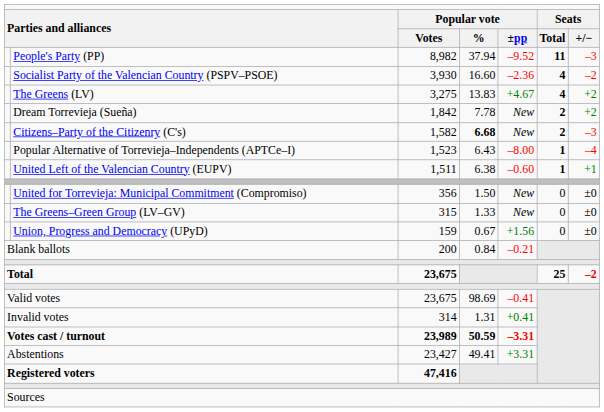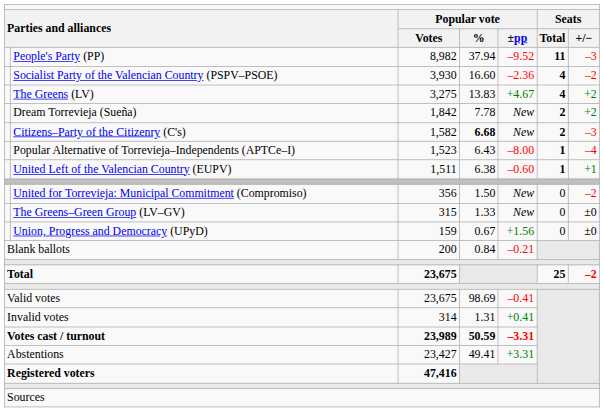 <table class="wikitable" style="text-align:right;">
 <tr>
 <td colspan="7"></td>
 </tr>
 <tr>
 <th style="text-align:left;" rowspan="2" colspan="2" width="525">Parties and alliances</th>
 <th colspan="3">Popular vote</th>
 <th colspan="2">Seats</th>
 </tr>
 <tr>
 <th width="75">Votes</th>
 <th width="45">%</th>
 <th width="45">±<a href='#'>pp</a></th>
 <th width="35">Total</th>
 <th width="35">+/−</th>
 </tr>
 <tr>
 <td width="1" style="color:inherit;background:"></td>
 <td align="left"><a href='#'>People's Party</a> (PP)</td>
 <td>8,982</td>
 <td>37.94</td>
 <td style="color:red;">–9.52</td>
 <td><strong>11</strong></td>
 <td style="color:red;">–3</td>
 </tr>
 <tr>
 <td style="color:inherit;background:"></td>
 <td align="left"><a href='#'>Socialist Party of the Valencian Country</a> (PSPV–PSOE)</td>
 <td>3,930</td>
 <td>16.60</td>
 <td style="color:red;">–2.36</td>
 <td><strong>4</strong></td>
 <td style="color:red;">–2</td>
 </tr>
 <tr>
 <td style="color:inherit;background:"></td>
 <td align="left"><a href='#'>The Greens</a> (LV)</td>
 <td>3,275</td>
 <td>13.83</td>
 <td style="color:green;">+4.67</td>
 <td><strong>4</strong></td>
 <td style="color:green;">+2</td>
 </tr>
 <tr>
 <td style="color:inherit;background:"></td>
 <td align="left">Dream Torrevieja (Sueña)</td>
 <td>1,842</td>
 <td>7.78</td>
 <td><em>New</em></td>
 <td><strong>2</strong></td>
 <td style="color:green;">+2</td>
 </tr>
 <tr>
 <td style="color:inherit;background:"></td>
 <td align="left"><a href='#'>Citizens–Party of the Citizenry</a> (C's)</td>
 <td>1,582</td>
 <td><strong>6.68</strong></td>
 <td><em>New</em></td>
 <td><strong>2</strong></td>
 <td style="color:red;">–3</td>
 </tr>
 <tr>
 <td style="color:inherit;background:"></td>
 <td align="left">Popular Alternative of Torrevieja–Independents (APTCe–I)</td>
 <td>1,523</td>
 <td>6.43</td>
 <td style="color:red;">–8.00</td>
 <td><strong>1</strong></td>
 <td style="color:red;">–4</td>
 </tr>
 <tr>
 <td style="color:inherit;background:"></td>
 <td align="left"><a href='#'>United Left of the Valencian Country</a> (EUPV)</td>
 <td>1,511</td>
 <td>6.38</td>
 <td style="color:red;">–0.60</td>
 <td><strong>1</strong></td>
 <td style="color:green;">+1</td>
 </tr>
 <tr>
 <td colspan="7" bgcolor="#C0C0C0"></td>
 </tr>
 <tr>
 <td style="color:inherit;background:"></td>
 <td align="left"><a href='#'>United for Torrevieja: Municipal Commitment</a> (Compromiso)</td>
 <td>356</td>
 <td>1.50</td>
 <td><em>New</em></td>
 <td>0</td>
-<td>±0</td>
+<td style="color:red;">–2</td>
 </tr>
 <tr>
 <td style="color:inherit;background:"></td>
 <td align="left"><a href='#'>The Greens–Green Group</a> (LV–GV)</td>
 <td>315</td>
 <td>1.33</td>
 <td><em>New</em></td>
 <td>0</td>
 <td>±0</td>
 </tr>
 <tr>
 <td style="color:inherit;background:"></td>
 <td align="left"><a href='#'>Union, Progress and Democracy</a> (UPyD)</td>
 <td>159</td>
 <td>0.67</td>
 <td style="color:green;">+1.56</td>
 <td>0</td>
 <td>±0</td>
 </tr>
 <tr>
 <td align="left" colspan="2">Blank ballots</td>
 <td>200</td>
 <td>0.84</td>
 <td style="color:red;">–0.21</td>
 <td bgcolor="#E9E9E9" colspan="2"></td>
 </tr>
 <tr>
 <td colspan="7" bgcolor="#E9E9E9"></td>
 </tr>
 <tr style="font-weight:bold;">
 <td align="left" colspan="2">Total</td>
 <td>23,675</td>
 <td bgcolor="#E9E9E9" colspan="2"></td>
 <td>25</td>
 <td style="color:red;">–2</td>
 </tr>
 <tr>
 <td colspan="7" bgcolor="#E9E9E9"></td>
 </tr>
 <tr>
 <td align="left" colspan="2">Valid votes</td>
 <td>23,675</td>
 <td>98.69</td>
 <td style="color:red;">–0.41</td>
 <td bgcolor="#E9E9E9" colspan="2" rowspan="5"></td>
 </tr>
 <tr>
 <td align="left" colspan="2">Invalid votes</td>
 <td>314</td>
 <td>1.31</td>
 <td style="color:green;">+0.41</td>
 </tr>
 <tr style="font-weight:bold;">
 <td align="left" colspan="2">Votes cast / turnout</td>
 <td>23,989</td>
 <td>50.59</td>
 <td style="color:red;">–3.31</td>
 </tr>
 <tr>
 <td align="left" colspan="2">Abstentions</td>
 <td>23,427</td>
 <td>49.41</td>
 <td style="color:green;">+3.31</td>
 </tr>
 <tr style="font-weight:bold;">
 <td align="left" colspan="2">Registered voters</td>
 <td>47,416</td>
 <td bgcolor="#E9E9E9" colspan="2"></td>
 </tr>
 <tr>
 <td colspan="7" bgcolor="#E9E9E9"></td>
 </tr>
 <tr>
 <td align="left" colspan="7">Sources</td>
 </tr>
 </table>
